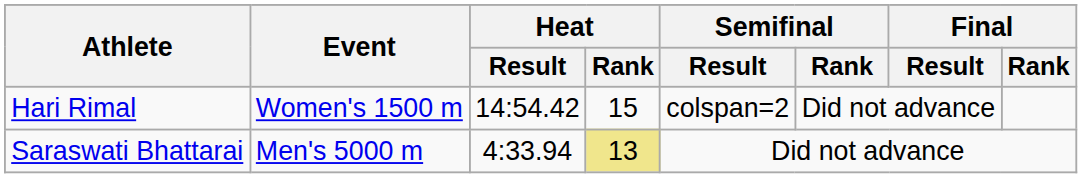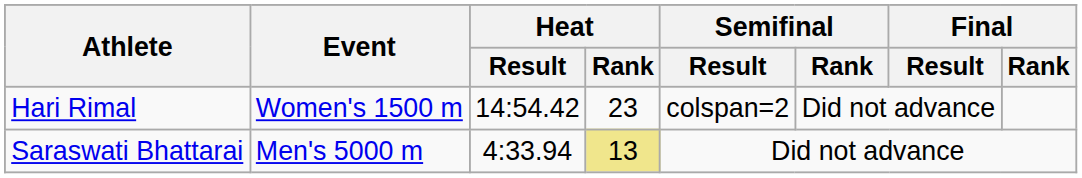 <table class="wikitable" style="font-size:90%">
 <tr>
 <th rowspan="2">Athlete</th>
 <th rowspan="2">Event</th>
 <th colspan="2">Heat</th>
 <th colspan="2">Semifinal</th>
 <th colspan="2">Final</th>
 </tr>
 <tr style="font-size:95%">
 <th>Result</th>
 <th>Rank</th>
 <th>Result</th>
 <th>Rank</th>
 <th>Result</th>
 <th>Rank</th>
 </tr>
 <tr align=center>
 <td align=left><a href='#'>Hari Rimal</a></td>
 <td align=left><a href='#'>Women's 1500 m</a></td>
 <td>14:54.42</td>
-<td>15</td>
+<td>23</td>
 <td>colspan=2 </td>
 <td colspan=2>Did not advance</td>
 </tr>
 <tr align=center>
 <td align=left><a href='#'>Saraswati Bhattarai</a></td>
 <td align=left><a href='#'>Men's 5000 m</a></td>
 <td>4:33.94</td>
 <td style="background: khaki;">13</td>
 <td colspan=4>Did not advance</td>
 </tr>
 </table>
